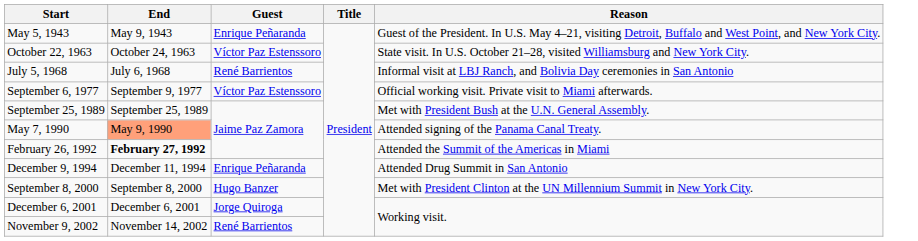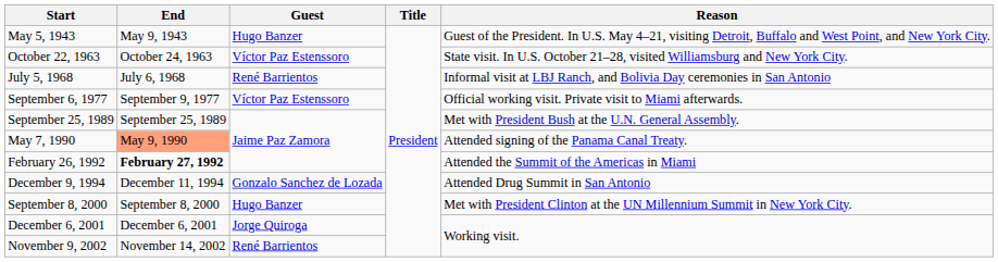 <table class="wikitable sortable">
 <tr>
 <th>Start</th>
 <th>End</th>
 <th>Guest</th>
 <th>Title</th>
 <th>Reason</th>
 </tr>
 <tr>
 <td>May 5, 1943</td>
 <td>May 9, 1943</td>
-<td><a href='#'>Enrique Peñaranda</a></td>
+<td><a href='#'>Hugo Banzer</a></td>
 <td rowspan=11><a href='#'>President</a></td>
 <td>Guest of the President. In U.S. May 4–21, visiting <a href='#'>Detroit</a>, <a href='#'>Buffalo</a> and <a href='#'>West Point</a>, and <a href='#'>New York City</a>.</td>
 </tr>
 <tr>
 <td>October 22, 1963</td>
 <td>October 24, 1963</td>
 <td><a href='#'>Víctor Paz Estenssoro</a></td>
 <td>State visit. In U.S. October 21–28, visited <a href='#'>Williamsburg</a> and <a href='#'>New York City</a>.</td>
 </tr>
 <tr>
 <td>July 5, 1968</td>
 <td>July 6, 1968</td>
 <td><a href='#'>René Barrientos</a></td>
 <td>Informal visit at <a href='#'>LBJ Ranch</a>, and <a href='#'>Bolivia Day</a> ceremonies in <a href='#'>San Antonio</a></td>
 </tr>
 <tr>
 <td>September 6, 1977</td>
 <td>September 9, 1977</td>
 <td><a href='#'>Víctor Paz Estenssoro</a></td>
 <td>Official working visit. Private visit to <a href='#'>Miami</a> afterwards.</td>
 </tr>
 <tr>
 <td>September 25, 1989</td>
 <td>September 25, 1989</td>
 <td rowspan=3><a href='#'>Jaime Paz Zamora</a></td>
 <td>Met with <a href='#'>President Bush</a> at the <a href='#'>U.N. General Assembly</a>.</td>
 </tr>
 <tr>
 <td>May 7, 1990</td>
 <td style="background: lightsalmon;">May 9, 1990</td>
 <td>Attended signing of the <a href='#'>Panama Canal Treaty</a>.</td>
 </tr>
 <tr>
 <td>February 26, 1992</td>
 <td><strong>February 27, 1992</strong></td>
 <td>Attended the <a href='#'>Summit of the Americas</a> in <a href='#'>Miami</a></td>
 </tr>
 <tr>
 <td>December 9, 1994</td>
 <td>December 11, 1994</td>
-<td><a href='#'>Enrique Peñaranda</a></td>
+<td><a href='#'>Gonzalo Sanchez de Lozada</a></td>
 <td>Attended Drug Summit in <a href='#'>San Antonio</a></td>
 </tr>
 <tr>
 <td>September 8, 2000</td>
 <td>September 8, 2000</td>
 <td><a href='#'>Hugo Banzer</a></td>
 <td>Met with <a href='#'>President Clinton</a> at the <a href='#'>UN Millennium Summit</a> in <a href='#'>New York City</a>.</td>
 </tr>
 <tr>
 <td>December 6, 2001</td>
 <td>December 6, 2001</td>
 <td><a href='#'>Jorge Quiroga</a></td>
 <td rowspan=2>Working visit.</td>
 </tr>
 <tr>
 <td>November 9, 2002</td>
 <td>November 14, 2002</td>
 <td><a href='#'>René Barrientos</a></td>
 </tr>
 </table>
